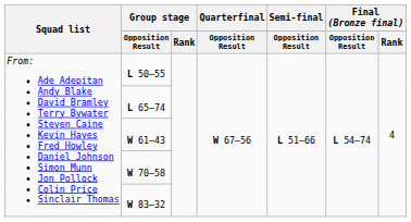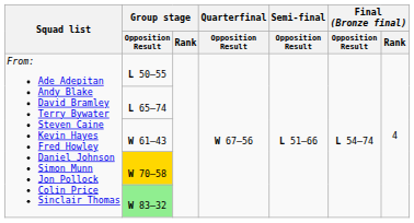 <table class=wikitable style="font-size:90%">
 <tr>
 <th rowspan="2">Squad list</th>
 <th colspan="2">Group stage</th>
 <th>Quarterfinal</th>
 <th>Semi-final<br></th>
 <th colspan="2">Final<br><em>(Bronze final)</em></th>
 </tr>
 <tr>
 <th style="line-height:1em"><small>Opposition<br>Result</small></th>
 <th>Rank</th>
 <th style="line-height:1em"><small>Opposition<br>Result</small></th>
 <th style="line-height:1em"><small>Opposition<br>Result</small></th>
 <th style="line-height:1em"><small>Opposition<br>Result</small></th>
 <th>Rank</th>
 </tr>
 <tr>
 <td rowspan="5"><em>From:</em><br><ul><li><a href='#'>Ade Adepitan</a></li><li><a href='#'>Andy Blake</a></li><li><a href='#'>David Bramley</a></li><li><a href='#'>Terry Bywater</a></li><li><a href='#'>Steven Caine</a></li><li><a href='#'>Kevin Hayes</a></li><li><a href='#'>Fred Howley</a></li><li><a href='#'>Daniel Johnson</a></li><li><a href='#'>Simon Munn</a></li><li><a href='#'>Jon Pollock</a></li><li><a href='#'>Colin Price</a></li><li><a href='#'>Sinclair Thomas</a></li></ul></td>
 <td align="center"><br> <strong>L</strong> 50–55</td>
 <td rowspan="5" align="center"></td>
 <td rowspan="5" align="center"><br> <strong>W</strong> 67–56</td>
 <td rowspan="5" align="center"><br> <strong>L</strong> 51–66</td>
 <td rowspan="5" align="center"><br> <strong>L</strong> 54–74</td>
 <td rowspan="5" align="center">4</td>
 </tr>
 <tr>
 <td align="center"><br> <strong>L</strong> 65–74</td>
 </tr>
 <tr>
 <td align="center"><br> <strong>W</strong> 61–43</td>
 </tr>
 <tr>
-<td align="center"><br> <strong>W</strong> 70–58</td>
+<td align="center" style="background: gold;"><br> <strong>W</strong> 70–58</td>
 </tr>
 <tr>
-<td align="center"><br> <strong>W</strong> 83–32</td>
+<td align="center" style="background: lightgreen;"><br> <strong>W</strong> 83–32</td>
 </tr>
 </table>
